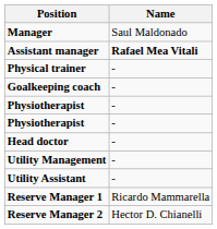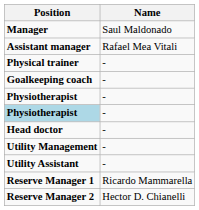 <table class="wikitable">
 <tr>
 <th>Position</th>
 <th>Name</th>
 </tr>
 <tr>
 <td><strong>Manager</strong></td>
 <td> Saul Maldonado</td>
 </tr>
 <tr>
 <td><strong>Assistant manager</strong></td>
-<td><strong> Rafael Mea Vitali</strong></td>
+<td> Rafael Mea Vitali</td>
 </tr>
 <tr>
 <td><strong>Physical trainer</strong></td>
 <td>-</td>
 </tr>
 <tr>
 <td><strong>Goalkeeping coach</strong></td>
 <td>-</td>
 </tr>
 <tr>
 <td><strong>Physiotherapist</strong></td>
 <td>-</td>
 </tr>
 <tr>
-<td><strong>Physiotherapist</strong></td>
+<td style="background: lightblue;"><strong>Physiotherapist</strong></td>
 <td>-</td>
 </tr>
 <tr>
 <td><strong>Head doctor</strong></td>
 <td>-</td>
 </tr>
 <tr>
 <td><strong>Utility Management</strong></td>
 <td>-</td>
 </tr>
 <tr>
 <td><strong>Utility Assistant</strong></td>
 <td>-</td>
 </tr>
 <tr>
 <td><strong>Reserve Manager 1</strong></td>
 <td> Ricardo Mammarella</td>
 </tr>
 <tr>
 <td><strong>Reserve Manager 2</strong></td>
 <td> Hector D. Chianelli</td>
 </tr>
 </table>
